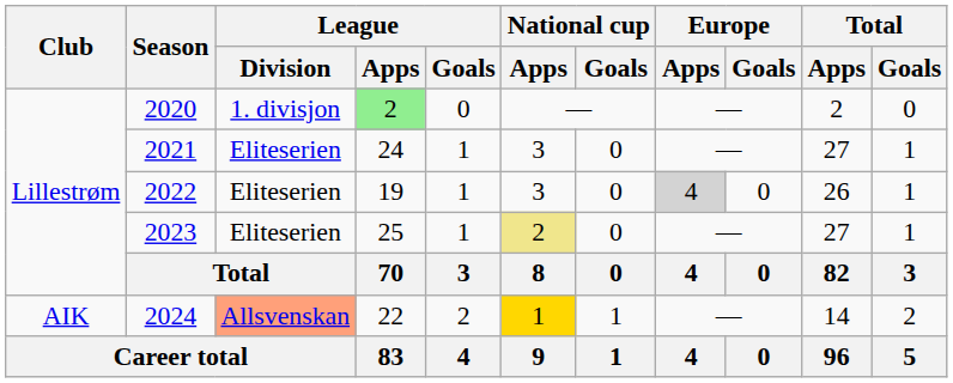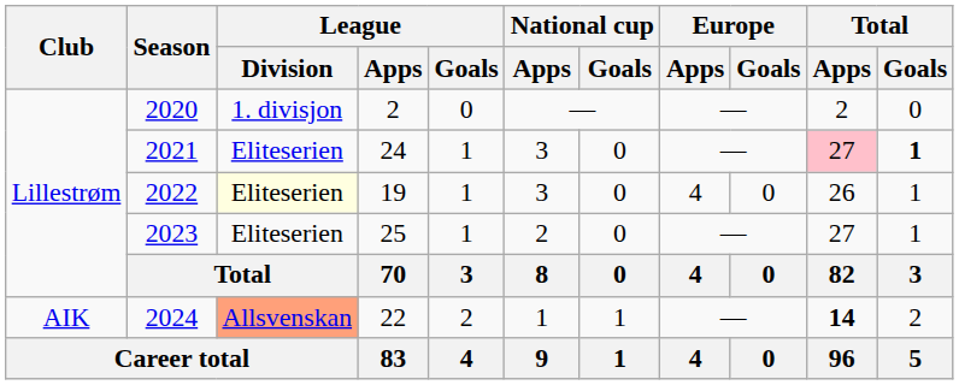 <table class="wikitable" style="text-align: center;">
 <tr>
 <th rowspan="2">Club</th>
 <th rowspan="2">Season</th>
 <th colspan="3">League</th>
 <th colspan="2">National cup</th>
 <th colspan="2">Europe</th>
 <th colspan="2">Total</th>
 </tr>
 <tr>
 <th>Division</th>
 <th>Apps</th>
 <th>Goals</th>
 <th>Apps</th>
 <th>Goals</th>
 <th>Apps</th>
 <th>Goals</th>
 <th>Apps</th>
 <th>Goals</th>
 </tr>
 <tr>
 <td rowspan="5"><a href='#'>Lillestrøm</a></td>
 <td><a href='#'>2020</a></td>
 <td><a href='#'>1. divisjon</a></td>
-<td style="background: lightgreen;">2</td>
+<td>2</td>
 <td>0</td>
 <td colspan="2">—</td>
 <td colspan="2">—</td>
 <td>2</td>
 <td>0</td>
 </tr>
 <tr>
 <td><a href='#'>2021</a></td>
 <td><a href='#'>Eliteserien</a></td>
 <td>24</td>
 <td>1</td>
 <td>3</td>
 <td>0</td>
 <td colspan="2">—</td>
-<td>27</td>
-<td>1</td>
+<td style="background: pink;">27</td>
+<td><strong>1</strong></td>
 </tr>
 <tr>
 <td><a href='#'>2022</a></td>
-<td>Eliteserien</td>
+<td style="background: lightyellow;">Eliteserien</td>
 <td>19</td>
 <td>1</td>
 <td>3</td>
 <td>0</td>
-<td style="background: lightgrey;">4</td>
+<td>4</td>
 <td>0</td>
 <td>26</td>
 <td>1</td>
 </tr>
 <tr>
 <td><a href='#'>2023</a></td>
 <td>Eliteserien</td>
 <td>25</td>
 <td>1</td>
-<td style="background: khaki;">2</td>
+<td>2</td>
 <td>0</td>
 <td colspan="2">—</td>
 <td>27</td>
 <td>1</td>
 </tr>
 <tr>
 <th colspan="2">Total</th>
 <th>70</th>
 <th>3</th>
 <th>8</th>
 <th>0</th>
 <th>4</th>
 <th>0</th>
 <th>82</th>
 <th>3</th>
 </tr>
 <tr>
 <td><a href='#'>AIK</a></td>
 <td><a href='#'>2024</a></td>
 <td style="background: lightsalmon;"><a href='#'>Allsvenskan</a></td>
 <td>22</td>
 <td>2</td>
-<td style="background: gold;">1</td>
+<td>1</td>
 <td>1</td>
 <td colspan="2">—</td>
-<td>14</td>
+<td><strong>14</strong></td>
 <td>2</td>
 </tr>
 <tr>
 <th colspan="3">Career total</th>
 <th>83</th>
 <th>4</th>
 <th>9</th>
 <th>1</th>
 <th>4</th>
 <th>0</th>
 <th>96</th>
 <th>5</th>
 </tr>
 </table>
